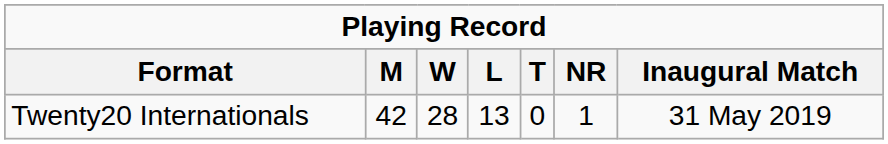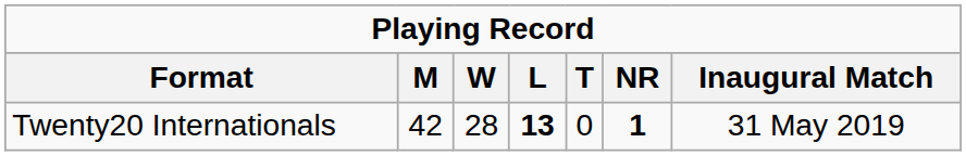 <table class="wikitable" style="text-align: center; width: 500px;">
 <tr>
 <td colspan=7 align="center"><strong>Playing Record</strong></td>
 </tr>
 <tr>
 <th>Format</th>
 <th>M</th>
 <th>W</th>
 <th>L</th>
 <th>T</th>
 <th>NR</th>
 <th>Inaugural Match</th>
 </tr>
 <tr>
 <td align="left">Twenty20 Internationals</td>
 <td>42</td>
 <td>28</td>
-<td>13</td>
+<td><strong>13</strong></td>
 <td>0</td>
-<td>1</td>
+<td><strong>1</strong></td>
 <td>31 May 2019</td>
 </tr>
 </table>
